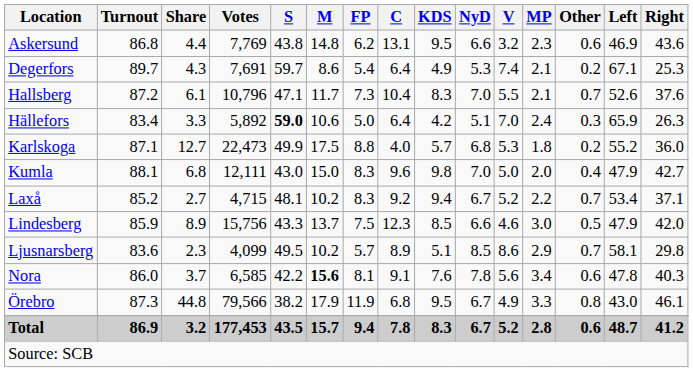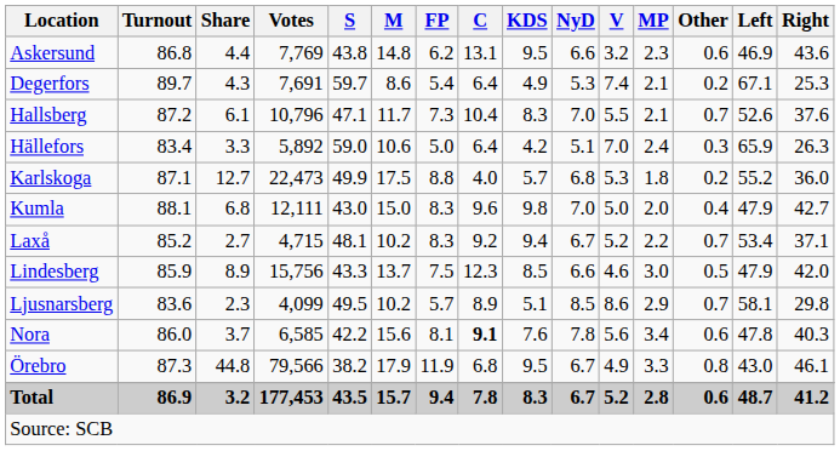 <table class="wikitable sortable" style=text-align:right>
 <tr>
 <th>Location</th>
 <th>Turnout</th>
 <th>Share</th>
 <th>Votes</th>
 <th><a href='#'>S</a></th>
 <th><a href='#'>M</a></th>
 <th><a href='#'>FP</a></th>
 <th><a href='#'>C</a></th>
 <th><a href='#'>KDS</a></th>
 <th><a href='#'>NyD</a></th>
 <th><a href='#'>V</a></th>
 <th><a href='#'>MP</a></th>
 <th>Other</th>
 <th>Left</th>
 <th>Right</th>
 </tr>
 <tr>
 <td align=left><a href='#'>Askersund</a></td>
 <td>86.8</td>
 <td>4.4</td>
 <td>7,769</td>
 <td>43.8</td>
 <td>14.8</td>
 <td>6.2</td>
 <td>13.1</td>
 <td>9.5</td>
 <td>6.6</td>
 <td>3.2</td>
 <td>2.3</td>
 <td>0.6</td>
 <td>46.9</td>
 <td>43.6</td>
 </tr>
 <tr>
 <td align=left><a href='#'>Degerfors</a></td>
 <td>89.7</td>
 <td>4.3</td>
 <td>7,691</td>
 <td>59.7</td>
 <td>8.6</td>
 <td>5.4</td>
 <td>6.4</td>
 <td>4.9</td>
 <td>5.3</td>
 <td>7.4</td>
 <td>2.1</td>
 <td>0.2</td>
 <td>67.1</td>
 <td>25.3</td>
 </tr>
 <tr>
 <td align=left><a href='#'>Hallsberg</a></td>
 <td>87.2</td>
 <td>6.1</td>
 <td>10,796</td>
 <td>47.1</td>
 <td>11.7</td>
 <td>7.3</td>
 <td>10.4</td>
 <td>8.3</td>
 <td>7.0</td>
 <td>5.5</td>
 <td>2.1</td>
 <td>0.7</td>
 <td>52.6</td>
 <td>37.6</td>
 </tr>
 <tr>
 <td align=left><a href='#'>Hällefors</a></td>
 <td>83.4</td>
 <td>3.3</td>
 <td>5,892</td>
-<td><strong>59.0</strong></td>
+<td>59.0</td>
 <td>10.6</td>
 <td>5.0</td>
 <td>6.4</td>
 <td>4.2</td>
 <td>5.1</td>
 <td>7.0</td>
 <td>2.4</td>
 <td>0.3</td>
 <td>65.9</td>
 <td>26.3</td>
 </tr>
 <tr>
 <td align=left><a href='#'>Karlskoga</a></td>
 <td>87.1</td>
 <td>12.7</td>
 <td>22,473</td>
 <td>49.9</td>
 <td>17.5</td>
 <td>8.8</td>
 <td>4.0</td>
 <td>5.7</td>
 <td>6.8</td>
 <td>5.3</td>
 <td>1.8</td>
 <td>0.2</td>
 <td>55.2</td>
 <td>36.0</td>
 </tr>
 <tr>
 <td align=left><a href='#'>Kumla</a></td>
 <td>88.1</td>
 <td>6.8</td>
 <td>12,111</td>
 <td>43.0</td>
 <td>15.0</td>
 <td>8.3</td>
 <td>9.6</td>
 <td>9.8</td>
 <td>7.0</td>
 <td>5.0</td>
 <td>2.0</td>
 <td>0.4</td>
 <td>47.9</td>
 <td>42.7</td>
 </tr>
 <tr>
 <td align=left><a href='#'>Laxå</a></td>
 <td>85.2</td>
 <td>2.7</td>
 <td>4,715</td>
 <td>48.1</td>
 <td>10.2</td>
 <td>8.3</td>
 <td>9.2</td>
 <td>9.4</td>
 <td>6.7</td>
 <td>5.2</td>
 <td>2.2</td>
 <td>0.7</td>
 <td>53.4</td>
 <td>37.1</td>
 </tr>
 <tr>
 <td align=left><a href='#'>Lindesberg</a></td>
 <td>85.9</td>
 <td>8.9</td>
 <td>15,756</td>
 <td>43.3</td>
 <td>13.7</td>
 <td>7.5</td>
 <td>12.3</td>
 <td>8.5</td>
 <td>6.6</td>
 <td>4.6</td>
 <td>3.0</td>
 <td>0.5</td>
 <td>47.9</td>
 <td>42.0</td>
 </tr>
 <tr>
 <td align=left><a href='#'>Ljusnarsberg</a></td>
 <td>83.6</td>
 <td>2.3</td>
 <td>4,099</td>
 <td>49.5</td>
 <td>10.2</td>
 <td>5.7</td>
 <td>8.9</td>
 <td>5.1</td>
 <td>8.5</td>
 <td>8.6</td>
 <td>2.9</td>
 <td>0.7</td>
 <td>58.1</td>
 <td>29.8</td>
 </tr>
 <tr>
 <td align=left><a href='#'>Nora</a></td>
 <td>86.0</td>
 <td>3.7</td>
 <td>6,585</td>
 <td>42.2</td>
-<td><strong>15.6</strong></td>
+<td>15.6</td>
 <td>8.1</td>
-<td>9.1</td>
+<td><strong>9.1</strong></td>
 <td>7.6</td>
 <td>7.8</td>
 <td>5.6</td>
 <td>3.4</td>
 <td>0.6</td>
 <td>47.8</td>
 <td>40.3</td>
 </tr>
 <tr>
 <td align=left><a href='#'>Örebro</a></td>
 <td>87.3</td>
 <td>44.8</td>
 <td>79,566</td>
 <td>38.2</td>
 <td>17.9</td>
 <td>11.9</td>
 <td>6.8</td>
 <td>9.5</td>
 <td>6.7</td>
 <td>4.9</td>
 <td>3.3</td>
 <td>0.8</td>
 <td>43.0</td>
 <td>46.1</td>
 </tr>
 <tr>
 </tr>
 <tr style="background:#CDCDCD;">
 <td align=left><strong>Total</strong></td>
 <td><strong>86.9</strong></td>
 <td><strong>3.2</strong></td>
 <td><strong>177,453</strong></td>
 <td><strong>43.5</strong></td>
 <td><strong>15.7</strong></td>
 <td><strong>9.4</strong></td>
 <td><strong>7.8</strong></td>
 <td><strong>8.3</strong></td>
 <td><strong>6.7</strong></td>
 <td><strong>5.2</strong></td>
 <td><strong>2.8</strong></td>
 <td><strong>0.6</strong></td>
 <td><strong>48.7</strong></td>
 <td><strong>41.2</strong></td>
 </tr>
 <tr>
 <td align=left colspan=15>Source: SCB </td>
 </tr>
 </table>
